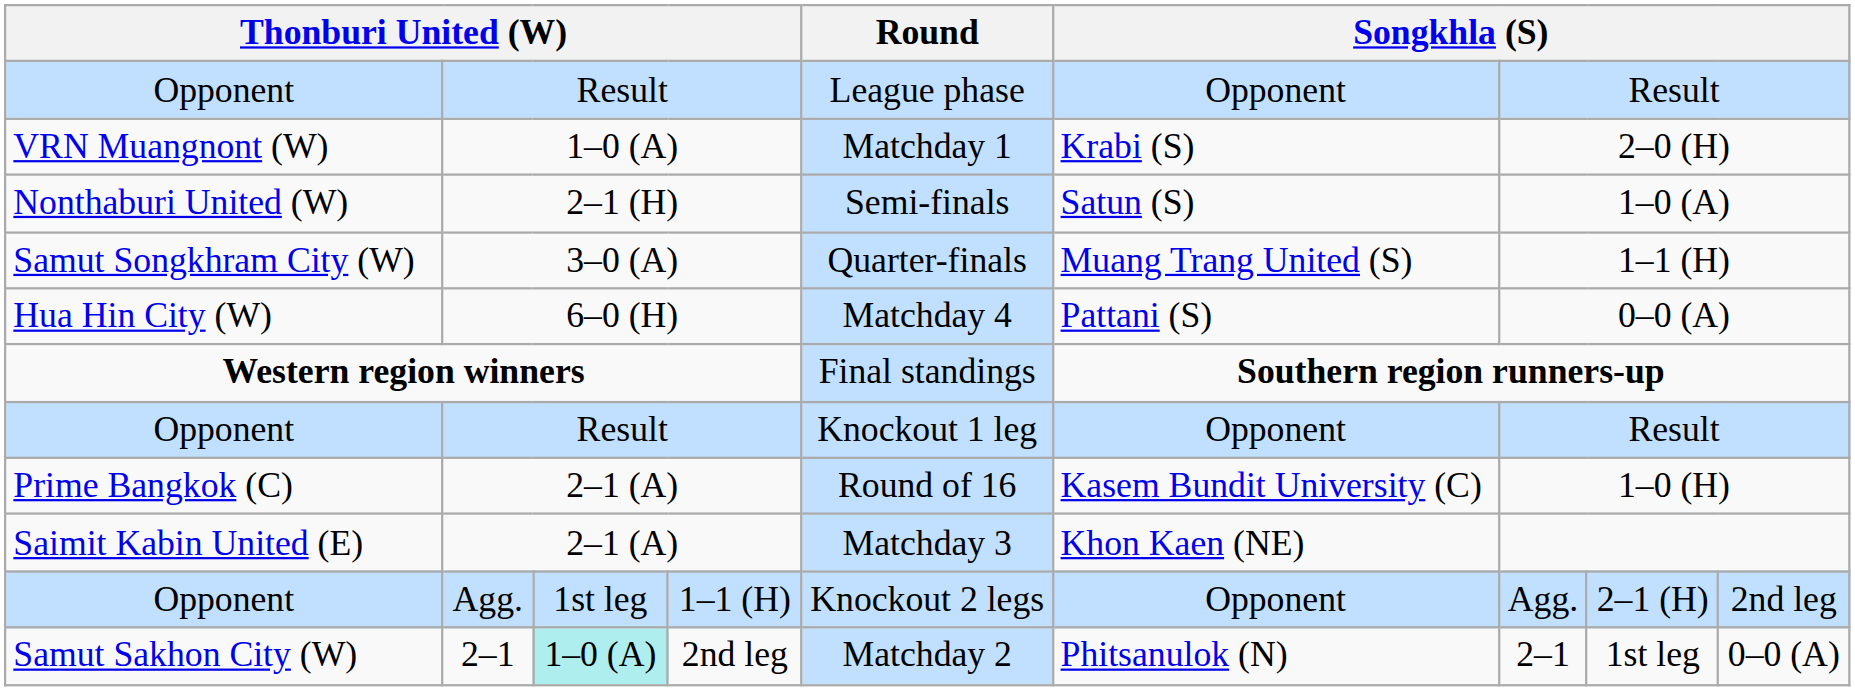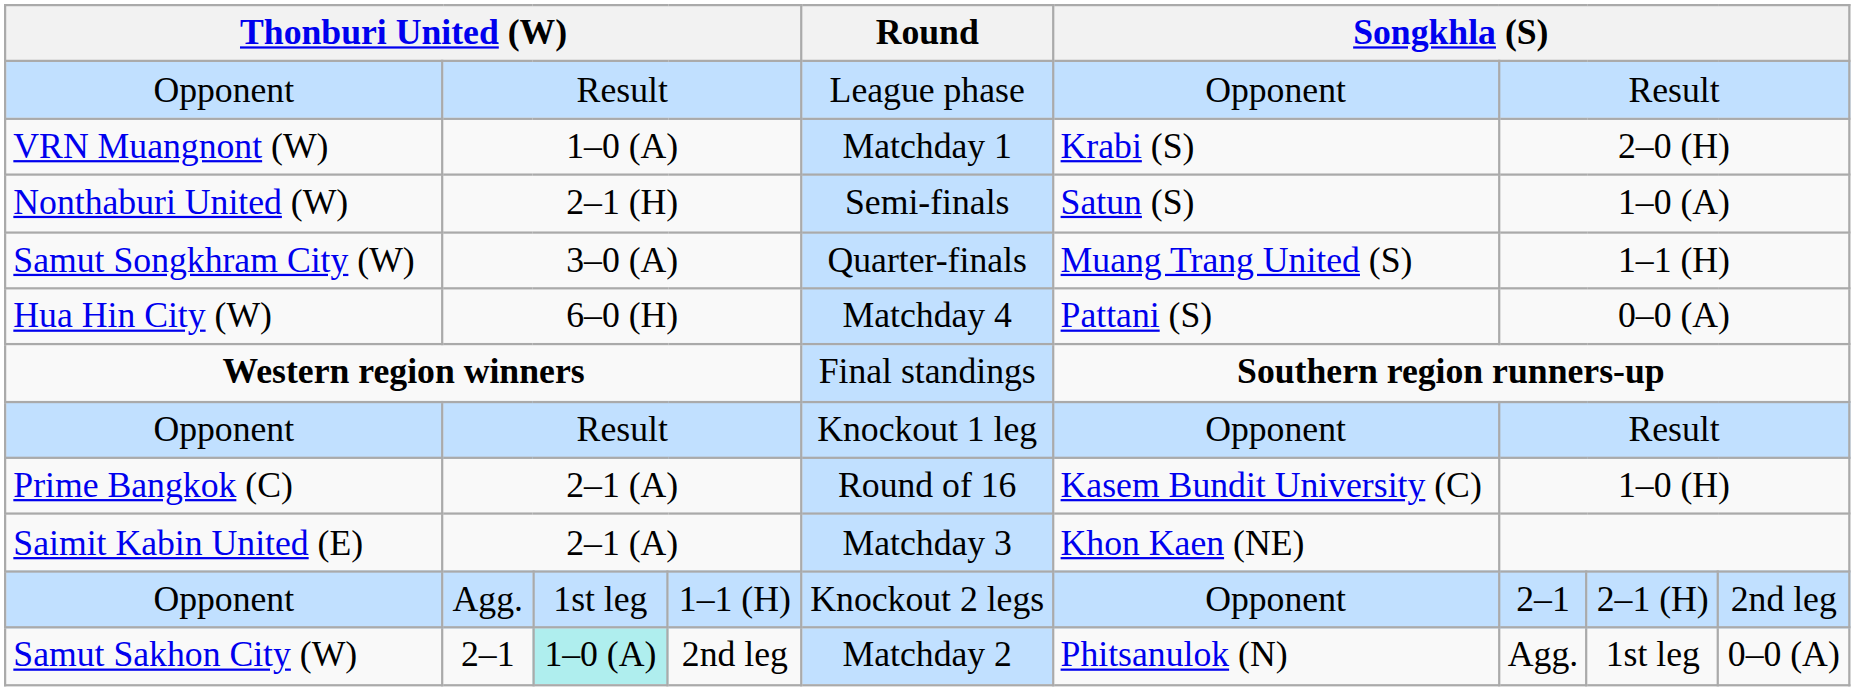 <table class="wikitable" style="text-align:center">
 <tr>
 <th colspan=4 width="350"><a href='#'>Thonburi United</a> (W)</th>
 <th>Round</th>
 <th colspan=4 width="350"><a href='#'>Songkhla</a> (S)</th>
 </tr>
 <tr style="background:#C1E0FF">
 <td>Opponent</td>
 <td colspan=3>Result</td>
 <td>League phase</td>
 <td>Opponent</td>
 <td colspan=3>Result</td>
 </tr>
 <tr>
 <td align=left><a href='#'>VRN Muangnont</a> (W)</td>
 <td colspan=3>1–0 (A)</td>
 <td style="background:#C1E0FF">Matchday 1</td>
 <td align=left><a href='#'>Krabi</a> (S)</td>
 <td colspan=3>2–0 (H)</td>
 </tr>
 <tr>
 <td align=left><a href='#'>Nonthaburi United</a> (W)</td>
 <td colspan=3>2–1 (H)</td>
 <td style="background:#C1E0FF">Semi-finals</td>
 <td align=left><a href='#'>Satun</a> (S)</td>
 <td colspan=3>1–0 (A)</td>
 </tr>
 <tr>
 <td align=left><a href='#'>Samut Songkhram City</a> (W)</td>
 <td colspan=3>3–0 (A)</td>
 <td style="background:#C1E0FF">Quarter-finals</td>
 <td align=left><a href='#'>Muang Trang United</a> (S)</td>
 <td colspan=3>1–1 (H)</td>
 </tr>
 <tr>
 <td align=left><a href='#'>Hua Hin City</a> (W)</td>
 <td colspan=3>6–0 (H)</td>
 <td style="background:#C1E0FF">Matchday 4</td>
 <td align=left><a href='#'>Pattani</a> (S)</td>
 <td colspan=3>0–0 (A)</td>
 </tr>
 <tr>
 <td colspan="4" style="vertical-align:top"><strong>Western region winners</strong><br><div>  </div></td>
 <td style="background:#C1E0FF">Final standings</td>
 <td colspan="4" style="vertical-align:top"><strong>Southern region runners-up</strong><br><div>  </div></td>
 </tr>
 <tr style="background:#C1E0FF">
 <td>Opponent</td>
 <td colspan=3>Result</td>
 <td>Knockout 1 leg</td>
 <td>Opponent</td>
 <td colspan=3>Result</td>
 </tr>
 <tr>
 <td align=left><a href='#'>Prime Bangkok</a> (C)</td>
 <td colspan=3>2–1 (A)</td>
 <td style="background:#C1E0FF">Round of 16</td>
 <td align=left><a href='#'>Kasem Bundit University</a> (C)</td>
 <td colspan=3>1–0 (H)</td>
 </tr>
 <tr>
 <td align=left><a href='#'>Saimit Kabin United</a> (E)</td>
 <td colspan=3>2–1 (A)</td>
 <td style="background:#C1E0FF">Matchday 3</td>
 <td align=left><a href='#'>Khon Kaen</a> (NE)</td>
 <td colspan=3></td>
 </tr>
 <tr style="background:#C1E0FF">
 <td>Opponent</td>
 <td>Agg.</td>
 <td>1st leg</td>
 <td>1–1 (H)</td>
 <td>Knockout 2 legs</td>
 <td>Opponent</td>
-<td>Agg.</td>
+<td>2–1</td>
 <td>2–1 (H)</td>
 <td>2nd leg</td>
 </tr>
 <tr>
 <td align=left><a href='#'>Samut Sakhon City</a> (W)</td>
 <td>2–1</td>
 <td style="background: paleturquoise;">1–0 (A)</td>
 <td>2nd leg</td>
 <td style="background:#C1E0FF">Matchday 2</td>
 <td align=left><a href='#'>Phitsanulok</a> (N)</td>
-<td>2–1</td>
+<td>Agg.</td>
 <td>1st leg</td>
 <td>0–0 (A)</td>
 </tr>
 </table>
